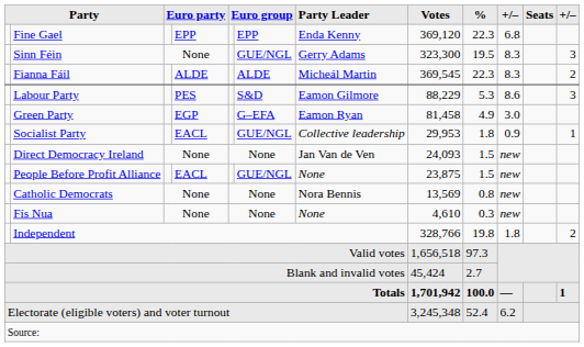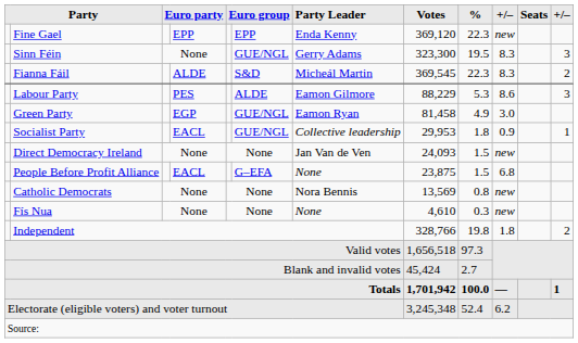 <table class="wikitable">
 <tr style="text-align:right;">
 <th style="background-color:#E9E9E9; width:400;" colspan="2">Party</th>
 <th style="background-color:#E9E9E9;text-align:left;" colspan="2"><a href='#'>Euro party</a></th>
 <th style="background-color:#E9E9E9;text-align:left;" colspan="2"><a href='#'>Euro group</a></th>
 <th style="background-color:#E9E9E9;text-align:left;">Party Leader</th>
 <th style="background-color:#E9E9E9; width:50;">Votes</th>
 <th style="background-color:#E9E9E9; width:50;">%</th>
 <th style="background-color:#E9E9E9; width:50;">+/–</th>
 <th style="background-color:#E9E9E9; width:50;">Seats</th>
 <th style="background-color:#E9E9E9; width:50;">+/–</th>
 </tr>
 <tr>
 <td style="color:inherit;background-color:"></td>
 <td style="text-align:left;"><a href='#'>Fine Gael</a></td>
 <td style="color:inherit;background-color:"></td>
 <td style="text-align:left;"><a href='#'>EPP</a></td>
 <td style="color:inherit;background-color:"></td>
 <td style="text-align:left;"><a href='#'>EPP</a></td>
 <td style="text-align:left;"><a href='#'>Enda Kenny</a></td>
 <td style="text-align:right;">369,120</td>
 <td style="text-align:right;">22.3</td>
-<td style="text-align:right;">6.8 </td>
+<td style="text-align:right;"><em>new</em></td>
 <td style="text-align:right;"></td>
 <td style="text-align:right;"></td>
 </tr>
 <tr>
 <td style="color:inherit;background-color:"></td>
 <td style="text-align:left;"><a href='#'>Sinn Féin</a></td>
 <td colspan=2 style="text-align:center;">None</td>
 <td style="color:inherit;background-color:"></td>
 <td style="text-align:left;"><a href='#'>GUE/NGL</a></td>
 <td style="text-align:left;"><a href='#'>Gerry Adams</a></td>
 <td style="text-align:right;">323,300</td>
 <td style="text-align:right;">19.5</td>
 <td style="text-align:right;">8.3 </td>
 <td style="text-align:right;"></td>
 <td style="text-align:right;">3 </td>
 </tr>
 <tr>
 <td style="color:inherit;background-color:"></td>
 <td style="text-align:left;"><a href='#'>Fianna Fáil</a></td>
 <td style="color:inherit;background-color:"></td>
 <td style="text-align:left;"><a href='#'>ALDE</a></td>
 <td style="color:inherit;background-color:"></td>
-<td style="text-align:left;"><a href='#'>ALDE</a></td>
+<td style="text-align:left;"><a href='#'>S&D</a></td>
 <td style="text-align:left;"><a href='#'>Micheál Martin</a></td>
 <td style="text-align:right;">369,545</td>
 <td style="text-align:right;">22.3</td>
 <td style="text-align:right;">8.3 </td>
 <td style="text-align:right;"></td>
 <td style="text-align:right;">2 </td>
 </tr>
 <tr style="border-top:2px solid gray;">
 <td style="color:inherit;background-color:"></td>
 <td style="text-align:left;"><a href='#'>Labour Party</a></td>
 <td style="color:inherit;background-color:"></td>
 <td style="text-align:left;"><a href='#'>PES</a></td>
 <td style="color:inherit;background-color:"></td>
-<td style="text-align:left;"><a href='#'>S&D</a></td>
+<td style="text-align:left;"><a href='#'>ALDE</a></td>
 <td style="text-align:left;"><a href='#'>Eamon Gilmore</a></td>
 <td style="text-align:right;">88,229</td>
 <td style="text-align:right;">5.3</td>
 <td style="text-align:right;">8.6 </td>
 <td style="text-align:right;"></td>
 <td style="text-align:right;">3 </td>
 </tr>
 <tr>
 <td style="color:inherit;background-color:"></td>
 <td style="text-align:left;"><a href='#'>Green Party</a></td>
 <td style="color:inherit;background-color:"></td>
 <td style="text-align:left;"><a href='#'>EGP</a></td>
 <td style="color:inherit;background-color:"></td>
-<td style="text-align:left;"><a href='#'>G–EFA</a></td>
+<td style="text-align:left;"><a href='#'>GUE/NGL</a></td>
 <td style="text-align:left;"><a href='#'>Eamon Ryan</a></td>
 <td style="text-align:right;">81,458</td>
 <td style="text-align:right;">4.9</td>
 <td style="text-align:right;">3.0 </td>
 <td style="text-align:right;"></td>
 <td style="text-align:right;"></td>
 </tr>
 <tr>
 <td style="color:inherit;background-color:"></td>
 <td style="text-align:left;"><a href='#'>Socialist Party</a></td>
 <td style="color:inherit;background-color:"></td>
 <td style="text-align:left;"><a href='#'>EACL</a></td>
 <td style="color:inherit;background-color:"></td>
 <td style="text-align:left;"><a href='#'>GUE/NGL</a></td>
 <td style="text-align:left;"><em>Collective leadership</em></td>
 <td style="text-align:right;">29,953</td>
 <td style="text-align:right;">1.8</td>
 <td style="text-align:right;">0.9 </td>
 <td style="text-align:right;"></td>
 <td style="text-align:right;">1 </td>
 </tr>
 <tr>
 <td style="color:inherit;background-color:"></td>
 <td style="text-align:left;"><a href='#'>Direct Democracy Ireland</a></td>
 <td colspan=2 style="text-align:center;">None</td>
 <td colspan=2 style="text-align:center;">None</td>
 <td style="text-align:left;">Jan Van de Ven</td>
 <td style="text-align:right;">24,093</td>
 <td style="text-align:right;">1.5</td>
 <td style="text-align:right;"><em>new</em></td>
 <td style="text-align:right;"></td>
 <td style="text-align:right;"></td>
 </tr>
 <tr>
 <td style="color:inherit;background-color:"></td>
 <td style="text-align:left;"><a href='#'>People Before Profit Alliance</a></td>
 <td style="color:inherit;background-color:"></td>
 <td style="text-align:left;"><a href='#'>EACL</a></td>
 <td style="color:inherit;background-color:"></td>
-<td style="text-align:left;"><a href='#'>GUE/NGL</a></td>
+<td style="text-align:left;"><a href='#'>G–EFA</a></td>
 <td style="text-align:left;"><em>None</em></td>
 <td style="text-align:right;">23,875</td>
 <td style="text-align:right;">1.5</td>
-<td style="text-align:right;"><em>new</em></td>
+<td style="text-align:right;">6.8 </td>
 <td style="text-align:right;"></td>
 <td style="text-align:right;"></td>
 </tr>
 <tr>
 <td style="color:inherit;background-color:"></td>
 <td style="text-align:left;"><a href='#'>Catholic Democrats</a></td>
 <td colspan=2 style="text-align:center;">None</td>
 <td colspan=2 style="text-align:center;">None</td>
 <td style="text-align:left;">Nora Bennis</td>
 <td style="text-align:right;">13,569</td>
 <td style="text-align:right;">0.8</td>
 <td style="text-align:right;"><em>new</em></td>
 <td style="text-align:right;"></td>
 <td style="text-align:right;"></td>
 </tr>
 <tr>
 <td style="color:inherit;background-color:"></td>
 <td style="text-align:left;"><a href='#'>Fís Nua</a></td>
 <td colspan=2 style="text-align:center;">None</td>
 <td colspan=2 style="text-align:center;">None</td>
 <td style="text-align:left;"><em>None</em></td>
 <td style="text-align:right;">4,610</td>
 <td style="text-align:right;">0.3</td>
 <td style="text-align:right;"><em>new</em></td>
 <td style="text-align:right;"></td>
 <td style="text-align:right;"></td>
 </tr>
 <tr>
 <td style="color:inherit;background-color:"></td>
 <td style="text-align:left;" colspan=6><a href='#'>Independent</a></td>
 <td style="text-align:right;">328,766</td>
 <td style="text-align:right;">19.8</td>
 <td style="text-align:right;">1.8 </td>
 <td style="text-align:right;"></td>
 <td style="text-align:right;">2 </td>
 </tr>
 <tr style="background-color:#E9E9E9">
 <td style="text-align:right;" colspan="7">Valid votes</td>
 <td>1,656,518</td>
 <td>97.3</td>
 <td colspan="3" rowspan="2"></td>
 </tr>
 <tr style="background-color:#E9E9E9">
 <td style="text-align:right;" colspan="7">Blank and invalid votes</td>
 <td>45,424</td>
 <td>2.7</td>
 </tr>
 <tr style="background-color:#E9E9E9">
 <td style="text-align:right;" colspan="7"><strong>Totals</strong></td>
 <td><strong>1,701,942</strong></td>
 <td><strong>100.0</strong></td>
 <td><strong>—</strong></td>
 <td><strong></strong></td>
 <td><strong>1 </strong></td>
 </tr>
 <tr style="background-color:#E9E9E9">
 <td colspan="7">Electorate (eligible voters) and voter turnout</td>
 <td>3,245,348</td>
 <td>52.4</td>
 <td>6.2 </td>
 <td colspan="2"></td>
 </tr>
 <tr>
 <td colspan="12" style="text-align:left;"><small>Source: </small></td>
 </tr>
 </table>
